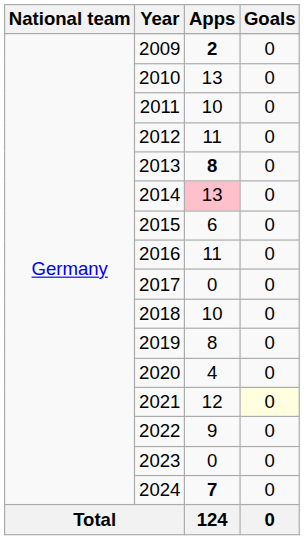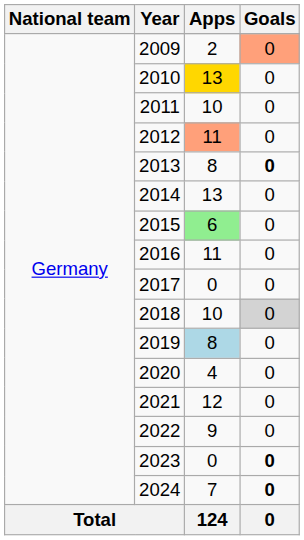 <table class="wikitable" style="text-align: center;">
 <tr>
 <th>National team</th>
 <th>Year</th>
 <th>Apps</th>
 <th>Goals</th>
 </tr>
 <tr>
 <td rowspan="17"><a href='#'>Germany</a></td>
 </tr>
 <tr>
 <td>2009</td>
-<td><strong>2</strong></td>
-<td>0</td>
+<td>2</td>
+<td style="background: lightsalmon;">0</td>
 </tr>
 <tr>
 <td>2010</td>
-<td>13</td>
+<td style="background: gold;">13</td>
 <td>0</td>
 </tr>
 <tr>
 <td>2011</td>
 <td>10</td>
 <td>0</td>
 </tr>
 <tr>
 <td>2012</td>
-<td>11</td>
+<td style="background: lightsalmon;">11</td>
 <td>0</td>
 </tr>
 <tr>
 <td>2013</td>
-<td><strong>8</strong></td>
-<td>0</td>
+<td>8</td>
+<td><strong>0</strong></td>
 </tr>
 <tr>
 <td>2014</td>
-<td style="background: pink;">13</td>
+<td>13</td>
 <td>0</td>
 </tr>
 <tr>
 <td>2015</td>
-<td>6</td>
+<td style="background: lightgreen;">6</td>
 <td>0</td>
 </tr>
 <tr>
 <td>2016</td>
 <td>11</td>
 <td>0</td>
 </tr>
 <tr>
 <td>2017</td>
 <td>0</td>
 <td>0</td>
 </tr>
 <tr>
 <td>2018</td>
 <td>10</td>
-<td>0</td>
+<td style="background: lightgrey;">0</td>
 </tr>
 <tr>
 <td>2019</td>
-<td>8</td>
+<td style="background: lightblue;">8</td>
 <td>0</td>
 </tr>
 <tr>
 <td>2020</td>
 <td>4</td>
 <td>0</td>
 </tr>
 <tr>
 <td>2021</td>
 <td>12</td>
-<td style="background: lightyellow;">0</td>
+<td>0</td>
 </tr>
 <tr>
 <td>2022</td>
 <td>9</td>
 <td>0</td>
 </tr>
 <tr>
 <td>2023</td>
 <td>0</td>
-<td>0</td>
+<td><strong>0</strong></td>
 </tr>
 <tr>
 <td>2024</td>
-<td><strong>7</strong></td>
-<td>0</td>
+<td>7</td>
+<td><strong>0</strong></td>
 </tr>
 <tr>
 <th colspan="2">Total</th>
 <th>124</th>
 <th>0</th>
 </tr>
 </table>
